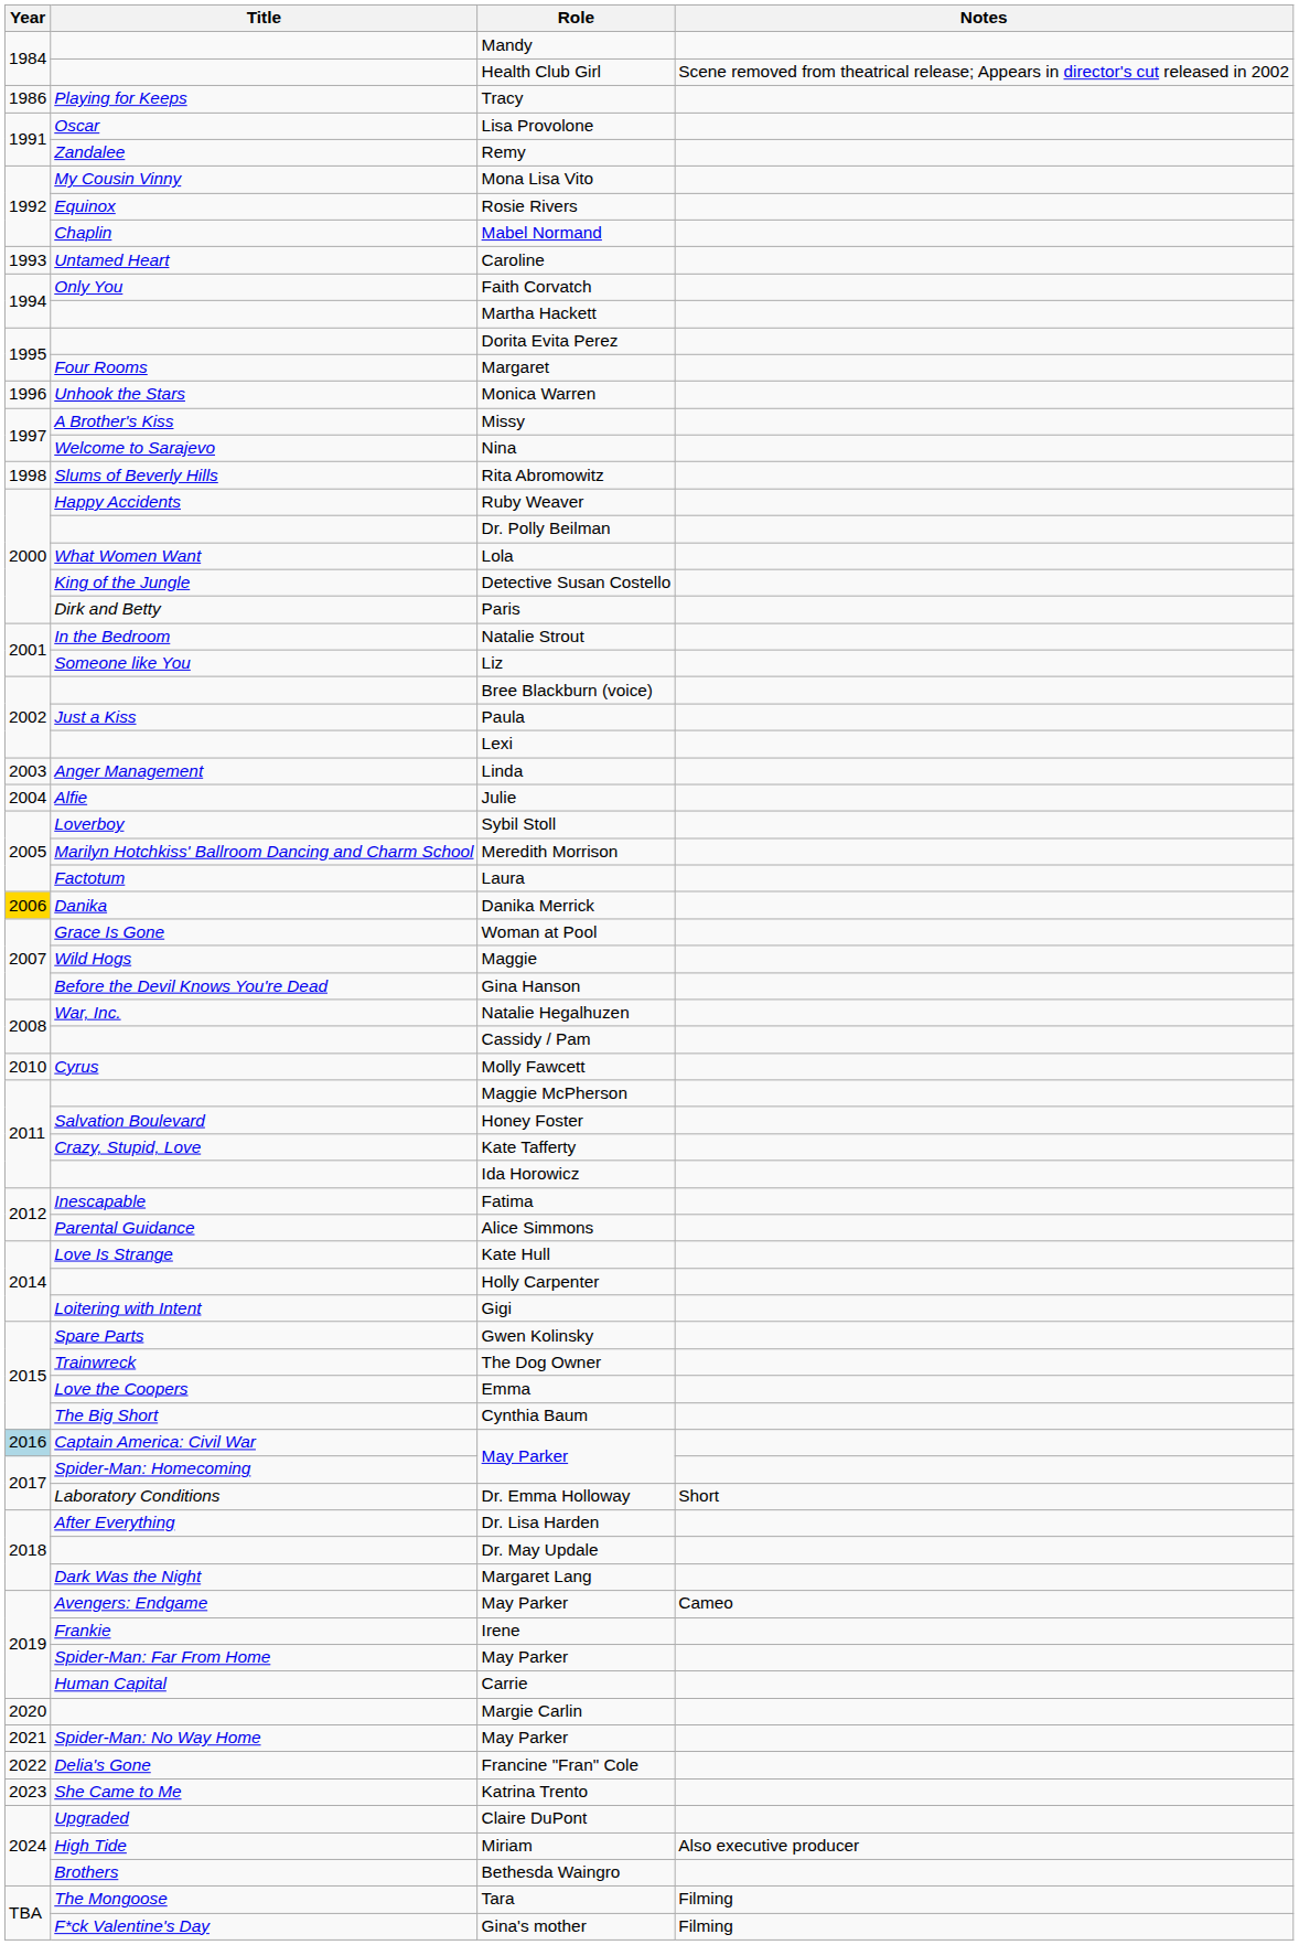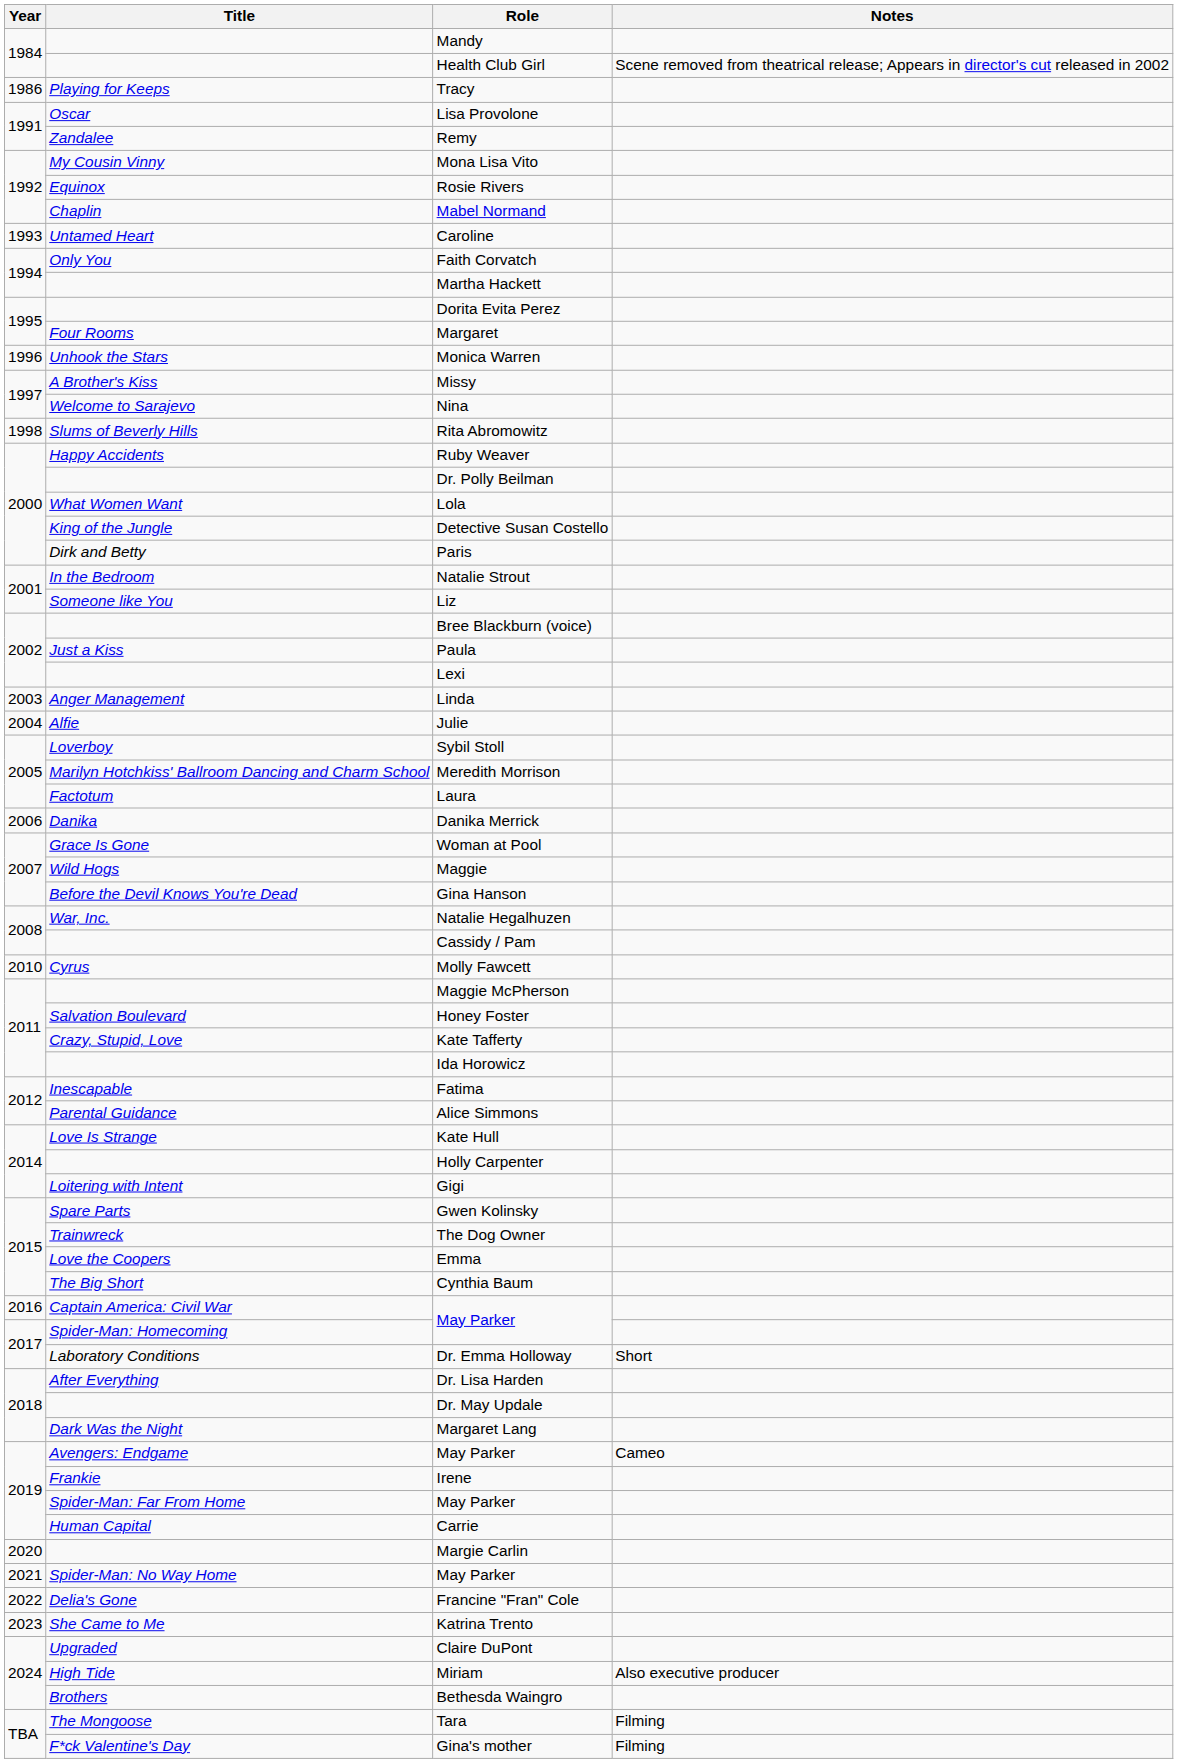 <table class="wikitable sortable">
 <tr>
 <th>Year</th>
 <th>Title</th>
 <th>Role</th>
 <th class="unsortable">Notes</th>
 </tr>
 <tr>
 <td rowspan="2">1984</td>
 <td><em></em></td>
 <td>Mandy</td>
 <td></td>
 </tr>
 <tr>
 <td><em></em></td>
 <td>Health Club Girl</td>
 <td>Scene removed from theatrical release; Appears in <a href='#'>director's cut</a> released in 2002</td>
 </tr>
 <tr>
 <td>1986</td>
 <td><em><a href='#'>Playing for Keeps</a></em></td>
 <td>Tracy</td>
 <td></td>
 </tr>
 <tr>
 <td rowspan="2">1991</td>
 <td><em><a href='#'>Oscar</a></em></td>
 <td>Lisa Provolone</td>
 <td></td>
 </tr>
 <tr>
 <td><em><a href='#'>Zandalee</a></em></td>
 <td>Remy</td>
 <td></td>
 </tr>
 <tr>
 <td rowspan="3">1992</td>
 <td><em><a href='#'>My Cousin Vinny</a></em></td>
 <td>Mona Lisa Vito</td>
 <td></td>
 </tr>
 <tr>
 <td><em><a href='#'>Equinox</a></em></td>
 <td>Rosie Rivers</td>
 <td></td>
 </tr>
 <tr>
 <td><em><a href='#'>Chaplin</a></em></td>
 <td><a href='#'>Mabel Normand</a></td>
 <td></td>
 </tr>
 <tr>
 <td>1993</td>
 <td><em><a href='#'>Untamed Heart</a></em></td>
 <td>Caroline</td>
 <td></td>
 </tr>
 <tr>
 <td rowspan="2">1994</td>
 <td><em><a href='#'>Only You</a></em></td>
 <td>Faith Corvatch</td>
 <td></td>
 </tr>
 <tr>
 <td><em></em></td>
 <td>Martha Hackett</td>
 <td></td>
 </tr>
 <tr>
 <td rowspan="2">1995</td>
 <td><em></em></td>
 <td>Dorita Evita Perez</td>
 <td></td>
 </tr>
 <tr>
 <td><em><a href='#'>Four Rooms</a></em></td>
 <td>Margaret</td>
 <td></td>
 </tr>
 <tr>
 <td>1996</td>
 <td><em><a href='#'>Unhook the Stars</a></em></td>
 <td>Monica Warren</td>
 <td></td>
 </tr>
 <tr>
 <td rowspan="2">1997</td>
 <td><em><a href='#'>A Brother's Kiss</a></em></td>
 <td>Missy</td>
 <td></td>
 </tr>
 <tr>
 <td><em><a href='#'>Welcome to Sarajevo</a></em></td>
 <td>Nina</td>
 <td></td>
 </tr>
 <tr>
 <td>1998</td>
 <td><em><a href='#'>Slums of Beverly Hills</a></em></td>
 <td>Rita Abromowitz</td>
 <td></td>
 </tr>
 <tr>
 <td rowspan="5">2000</td>
 <td><em><a href='#'>Happy Accidents</a></em></td>
 <td>Ruby Weaver</td>
 <td></td>
 </tr>
 <tr>
 <td><em></em></td>
 <td>Dr. Polly Beilman</td>
 <td></td>
 </tr>
 <tr>
 <td><em><a href='#'>What Women Want</a></em></td>
 <td>Lola</td>
 <td></td>
 </tr>
 <tr>
 <td><em><a href='#'>King of the Jungle</a></em></td>
 <td>Detective Susan Costello</td>
 <td></td>
 </tr>
 <tr>
 <td><em>Dirk and Betty</em></td>
 <td>Paris</td>
 <td></td>
 </tr>
 <tr>
 <td rowspan="2">2001</td>
 <td><em><a href='#'>In the Bedroom</a></em></td>
 <td>Natalie Strout</td>
 <td></td>
 </tr>
 <tr>
 <td><em><a href='#'>Someone like You</a></em></td>
 <td>Liz</td>
 <td></td>
 </tr>
 <tr>
 <td rowspan="3">2002</td>
 <td><em></em></td>
 <td>Bree Blackburn (voice)</td>
 <td></td>
 </tr>
 <tr>
 <td><em><a href='#'>Just a Kiss</a></em></td>
 <td>Paula</td>
 <td></td>
 </tr>
 <tr>
 <td><em></em></td>
 <td>Lexi</td>
 <td></td>
 </tr>
 <tr>
 <td>2003</td>
 <td><em><a href='#'>Anger Management</a></em></td>
 <td>Linda</td>
 <td></td>
 </tr>
 <tr>
 <td>2004</td>
 <td><em><a href='#'>Alfie</a></em></td>
 <td>Julie</td>
 <td></td>
 </tr>
 <tr>
 <td rowspan="3">2005</td>
 <td><em><a href='#'>Loverboy</a></em></td>
 <td>Sybil Stoll</td>
 <td></td>
 </tr>
 <tr>
 <td><em><a href='#'>Marilyn Hotchkiss' Ballroom Dancing and Charm School</a></em></td>
 <td>Meredith Morrison</td>
 <td></td>
 </tr>
 <tr>
 <td><em><a href='#'>Factotum</a></em></td>
 <td>Laura</td>
 <td></td>
 </tr>
 <tr>
-<td style="background: gold;">2006</td>
+<td>2006</td>
 <td><em><a href='#'>Danika</a></em></td>
 <td>Danika Merrick</td>
 <td></td>
 </tr>
 <tr>
 <td rowspan="3">2007</td>
 <td><em><a href='#'>Grace Is Gone</a></em></td>
 <td>Woman at Pool</td>
 <td></td>
 </tr>
 <tr>
 <td><em><a href='#'>Wild Hogs</a></em></td>
 <td>Maggie</td>
 <td></td>
 </tr>
 <tr>
 <td><em><a href='#'>Before the Devil Knows You're Dead</a></em></td>
 <td>Gina Hanson</td>
 <td></td>
 </tr>
 <tr>
 <td rowspan="2">2008</td>
 <td><em><a href='#'>War, Inc.</a></em></td>
 <td>Natalie Hegalhuzen</td>
 <td></td>
 </tr>
 <tr>
 <td><em></em></td>
 <td>Cassidy / Pam</td>
 <td></td>
 </tr>
 <tr>
 <td>2010</td>
 <td><em><a href='#'>Cyrus</a></em></td>
 <td>Molly Fawcett</td>
 <td></td>
 </tr>
 <tr>
 <td rowspan="4">2011</td>
 <td><em></em></td>
 <td>Maggie McPherson</td>
 <td></td>
 </tr>
 <tr>
 <td><em><a href='#'>Salvation Boulevard</a></em></td>
 <td>Honey Foster</td>
 <td></td>
 </tr>
 <tr>
 <td><em><a href='#'>Crazy, Stupid, Love</a></em></td>
 <td>Kate Tafferty</td>
 <td></td>
 </tr>
 <tr>
 <td><em></em></td>
 <td>Ida Horowicz</td>
 <td></td>
 </tr>
 <tr>
 <td rowspan="2">2012</td>
 <td><em><a href='#'>Inescapable</a></em></td>
 <td>Fatima</td>
 <td></td>
 </tr>
 <tr>
 <td><em><a href='#'>Parental Guidance</a></em></td>
 <td>Alice Simmons</td>
 <td></td>
 </tr>
 <tr>
 <td rowspan="3">2014</td>
 <td><em><a href='#'>Love Is Strange</a></em></td>
 <td>Kate Hull</td>
 <td></td>
 </tr>
 <tr>
 <td><em></em></td>
 <td>Holly Carpenter</td>
 <td></td>
 </tr>
 <tr>
 <td><em><a href='#'>Loitering with Intent</a></em></td>
 <td>Gigi</td>
 <td></td>
 </tr>
 <tr>
 <td rowspan="4">2015</td>
 <td><em><a href='#'>Spare Parts</a></em></td>
 <td>Gwen Kolinsky</td>
 <td></td>
 </tr>
 <tr>
 <td><em><a href='#'>Trainwreck</a></em></td>
 <td>The Dog Owner</td>
 <td></td>
 </tr>
 <tr>
 <td><em><a href='#'>Love the Coopers</a></em></td>
 <td>Emma</td>
 <td></td>
 </tr>
 <tr>
 <td><em><a href='#'>The Big Short</a></em></td>
 <td>Cynthia Baum</td>
 <td></td>
 </tr>
 <tr>
-<td style="background: lightblue;">2016</td>
+<td>2016</td>
 <td><em><a href='#'>Captain America: Civil War</a></em></td>
 <td rowspan="2"><a href='#'>May Parker</a></td>
 <td></td>
 </tr>
 <tr>
 <td rowspan="2">2017</td>
 <td><em><a href='#'>Spider-Man: Homecoming</a></em></td>
 <td></td>
 </tr>
 <tr>
 <td><em>Laboratory Conditions</em></td>
 <td>Dr. Emma Holloway</td>
 <td>Short</td>
 </tr>
 <tr>
 <td rowspan="3">2018</td>
 <td><em><a href='#'>After Everything</a></em></td>
 <td>Dr. Lisa Harden</td>
 <td></td>
 </tr>
 <tr>
 <td><em></em></td>
 <td>Dr. May Updale</td>
 <td></td>
 </tr>
 <tr>
 <td><em><a href='#'>Dark Was the Night</a></em></td>
 <td>Margaret Lang</td>
 <td></td>
 </tr>
 <tr>
 <td rowspan="4">2019</td>
 <td><em><a href='#'>Avengers: Endgame</a></em></td>
 <td>May Parker</td>
 <td>Cameo</td>
 </tr>
 <tr>
 <td><em><a href='#'>Frankie</a></em></td>
 <td>Irene</td>
 <td></td>
 </tr>
 <tr>
 <td><em><a href='#'>Spider-Man: Far From Home</a></em></td>
 <td>May Parker</td>
 <td></td>
 </tr>
 <tr>
 <td><em><a href='#'>Human Capital</a></em></td>
 <td>Carrie</td>
 <td></td>
 </tr>
 <tr>
 <td>2020</td>
 <td><em></em></td>
 <td>Margie Carlin</td>
 <td></td>
 </tr>
 <tr>
 <td>2021</td>
 <td><em><a href='#'>Spider-Man: No Way Home</a></em></td>
 <td>May Parker</td>
 <td></td>
 </tr>
 <tr>
 <td>2022</td>
 <td><em><a href='#'>Delia's Gone</a></em></td>
 <td>Francine "Fran" Cole</td>
 <td></td>
 </tr>
 <tr>
 <td>2023</td>
 <td><em><a href='#'>She Came to Me</a></em></td>
 <td>Katrina Trento</td>
 <td></td>
 </tr>
 <tr>
 <td rowspan="3">2024</td>
 <td><em><a href='#'>Upgraded</a></em></td>
 <td>Claire DuPont</td>
 <td></td>
 </tr>
 <tr>
 <td><em><a href='#'>High Tide</a></em></td>
 <td>Miriam</td>
 <td>Also executive producer</td>
 </tr>
 <tr>
 <td><em><a href='#'>Brothers</a></em></td>
 <td>Bethesda Waingro</td>
 <td></td>
 </tr>
 <tr>
 <td rowspan="2">TBA</td>
 <td><em><a href='#'>The Mongoose</a></em></td>
 <td>Tara</td>
 <td>Filming</td>
 </tr>
 <tr>
 <td><em><a href='#'>F*ck Valentine's Day</a></em></td>
 <td>Gina's mother</td>
 <td>Filming</td>
 </tr>
 </table>
